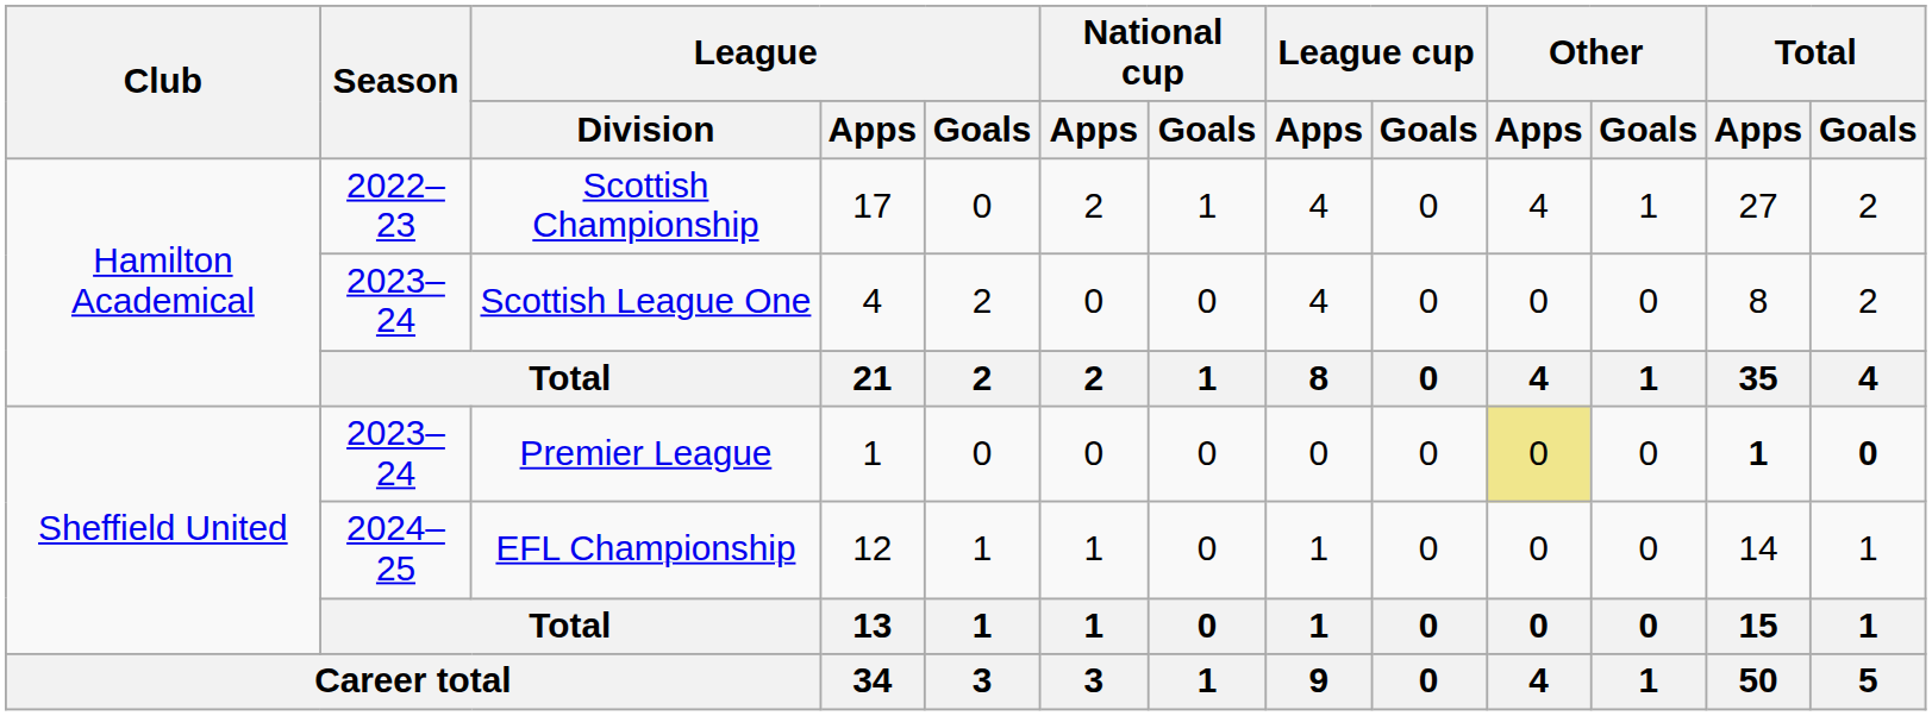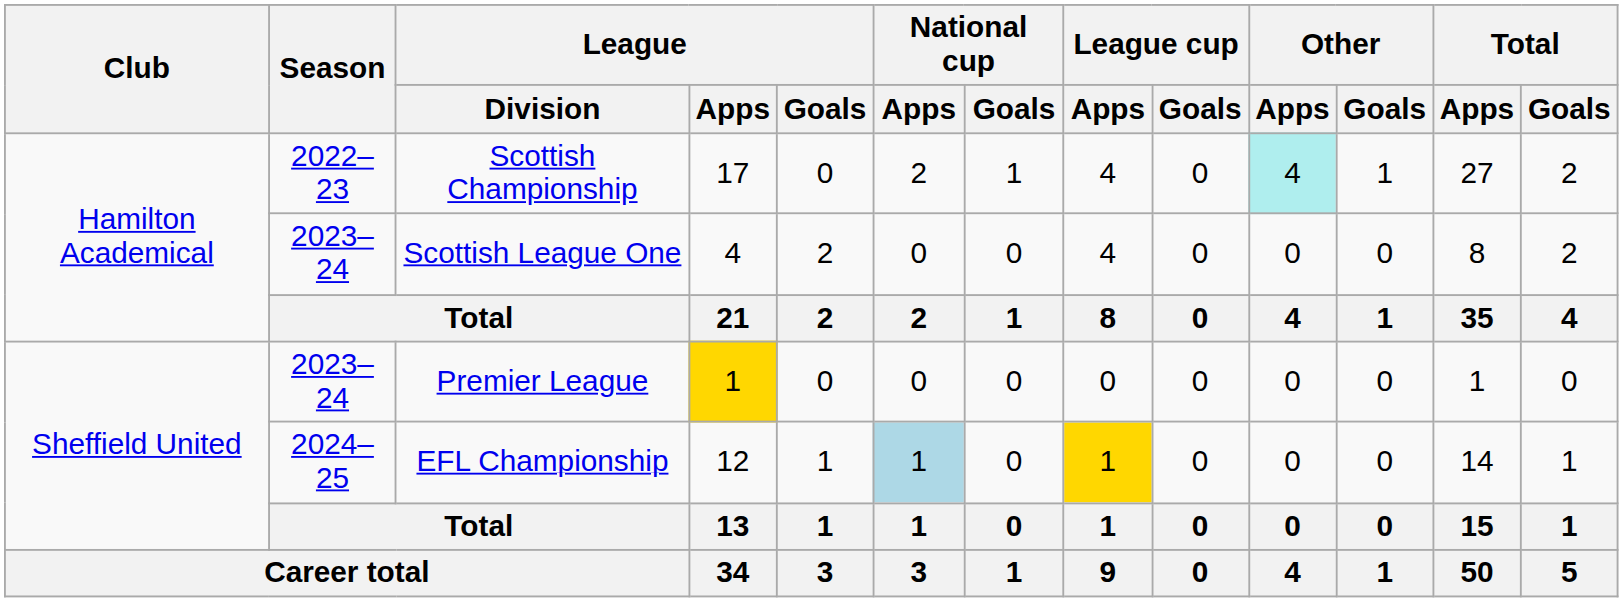 <table class="wikitable" style="text-align:center">
 <tr>
 <th rowspan="2">Club</th>
 <th rowspan="2">Season</th>
 <th colspan="3">League</th>
 <th colspan="2">National cup</th>
 <th colspan="2">League cup</th>
 <th colspan="2">Other</th>
 <th colspan="2">Total</th>
 </tr>
 <tr>
 <th>Division</th>
 <th>Apps</th>
 <th>Goals</th>
 <th>Apps</th>
 <th>Goals</th>
 <th>Apps</th>
 <th>Goals</th>
 <th>Apps</th>
 <th>Goals</th>
 <th>Apps</th>
 <th>Goals</th>
 </tr>
 <tr>
 <td rowspan="3"><a href='#'>Hamilton Academical</a></td>
 <td><a href='#'>2022–23</a></td>
 <td><a href='#'>Scottish Championship</a></td>
 <td>17</td>
 <td>0</td>
 <td>2</td>
 <td>1</td>
 <td>4</td>
 <td>0</td>
-<td>4</td>
+<td style="background: paleturquoise;">4</td>
 <td>1</td>
 <td>27</td>
 <td>2</td>
 </tr>
 <tr>
 <td><a href='#'>2023–24</a></td>
 <td><a href='#'>Scottish League One</a></td>
 <td>4</td>
 <td>2</td>
 <td>0</td>
 <td>0</td>
 <td>4</td>
 <td>0</td>
 <td>0</td>
 <td>0</td>
 <td>8</td>
 <td>2</td>
 </tr>
 <tr>
 <th colspan="2">Total</th>
 <th>21</th>
 <th>2</th>
 <th>2</th>
 <th>1</th>
 <th>8</th>
 <th>0</th>
 <th>4</th>
 <th>1</th>
 <th>35</th>
 <th>4</th>
 </tr>
 <tr>
 <td rowspan=3><a href='#'>Sheffield United</a></td>
 <td><a href='#'>2023–24</a></td>
 <td><a href='#'>Premier League</a></td>
-<td>1</td>
+<td style="background: gold;">1</td>
 <td>0</td>
 <td>0</td>
 <td>0</td>
 <td>0</td>
 <td>0</td>
-<td style="background: khaki;">0</td>
 <td>0</td>
-<td><strong>1</strong></td>
-<td><strong>0</strong></td>
+<td>0</td>
+<td>1</td>
+<td>0</td>
 </tr>
 <tr>
 <td><a href='#'>2024–25</a></td>
 <td><a href='#'>EFL Championship</a></td>
 <td>12</td>
 <td>1</td>
-<td>1</td>
+<td style="background: lightblue;">1</td>
 <td>0</td>
-<td>1</td>
+<td style="background: gold;">1</td>
 <td>0</td>
 <td>0</td>
 <td>0</td>
 <td>14</td>
 <td>1</td>
 </tr>
 <tr>
 <th colspan="2">Total</th>
 <th>13</th>
 <th>1</th>
 <th>1</th>
 <th>0</th>
 <th>1</th>
 <th>0</th>
 <th>0</th>
 <th>0</th>
 <th>15</th>
 <th>1</th>
 </tr>
 <tr>
 <th colspan="3">Career total</th>
 <th>34</th>
 <th>3</th>
 <th>3</th>
 <th>1</th>
 <th>9</th>
 <th>0</th>
 <th>4</th>
 <th>1</th>
 <th>50</th>
 <th>5</th>
 </tr>
 </table>
